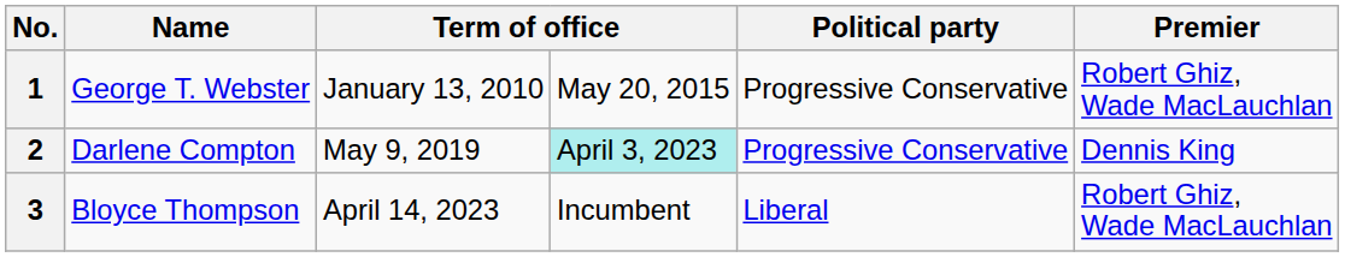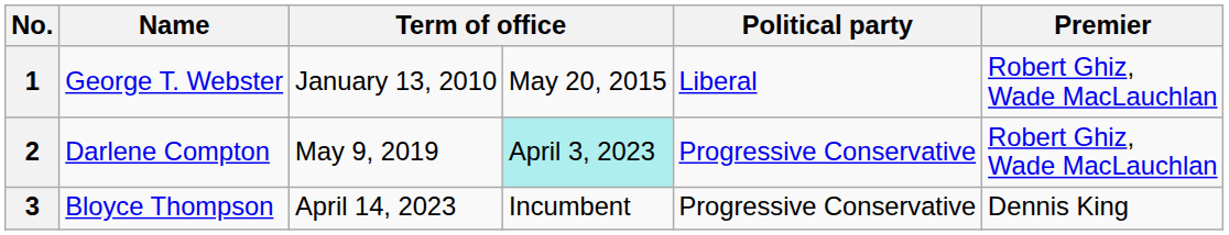 <table class="wikitable">
 <tr>
 <th>No.</th>
 <th>Name</th>
 <th colspan="2">Term of office</th>
 <th>Political party</th>
 <th>Premier</th>
 </tr>
 <tr>
 <th style="background:">1</th>
 <td><a href='#'>George T. Webster</a></td>
 <td>January 13, 2010</td>
 <td>May 20, 2015</td>
-<td>Progressive Conservative</td>
+<td><a href='#'>Liberal</a></td>
 <td><a href='#'>Robert Ghiz</a>, <br> <a href='#'>Wade MacLauchlan</a></td>
 </tr>
 <tr>
 <th style="background:">2</th>
 <td><a href='#'>Darlene Compton</a></td>
 <td>May 9, 2019</td>
 <td style="background: paleturquoise;">April 3, 2023</td>
 <td><a href='#'>Progressive Conservative</a></td>
-<td><a href='#'>Dennis King</a></td>
+<td><a href='#'>Robert Ghiz</a>, <br> <a href='#'>Wade MacLauchlan</a></td>
 </tr>
 <tr>
 <th style="background:">3</th>
 <td><a href='#'>Bloyce Thompson</a></td>
 <td>April 14, 2023</td>
 <td>Incumbent</td>
-<td><a href='#'>Liberal</a></td>
-<td><a href='#'>Robert Ghiz</a>, <br> <a href='#'>Wade MacLauchlan</a></td>
+<td>Progressive Conservative</td>
+<td>Dennis King</td>
 </tr>
 </table>
